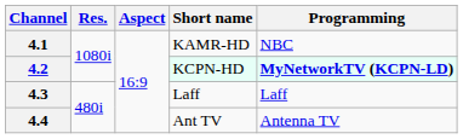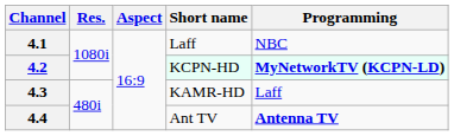 <table class="wikitable">
 <tr>
 <th scope = "col"><a href='#'>Channel</a></th>
 <th scope = "col"><a href='#'>Res.</a></th>
 <th scope = "col"><a href='#'>Aspect</a></th>
 <th scope = "col">Short name</th>
 <th scope = "col">Programming</th>
 </tr>
 <tr>
 <th scope = "row">4.1</th>
 <td rowspan=2><a href='#'>1080i</a></td>
 <td rowspan=4><a href='#'>16:9</a></td>
-<td>KAMR-HD</td>
+<td>Laff</td>
 <td><a href='#'>NBC</a></td>
 </tr>
 <tr style="background-color: #E6FFF7;">
 <th scope = "row"><a href='#'>4.2</a></th>
 <td>KCPN-HD</td>
 <td><strong><a href='#'>MyNetworkTV</a> (<a href='#'>KCPN-LD</a>)</strong></td>
 </tr>
 <tr>
 <th scope = "row">4.3</th>
 <td rowspan=2><a href='#'>480i</a></td>
-<td>Laff</td>
+<td>KAMR-HD</td>
 <td><a href='#'>Laff</a></td>
 </tr>
 <tr>
 <th scope = "row">4.4</th>
 <td>Ant TV</td>
-<td><a href='#'>Antenna TV</a></td>
+<td><strong><a href='#'>Antenna TV</a></strong></td>
 </tr>
 </table>
